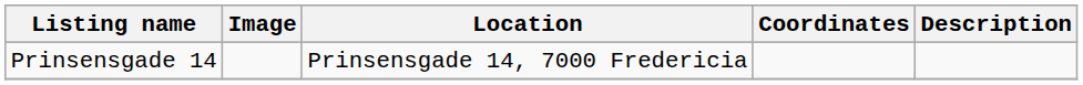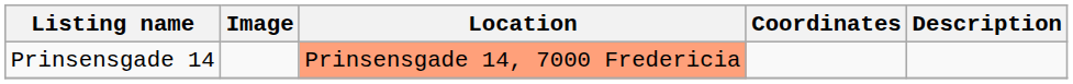 <table class="wikitable sortable">
 <tr>
 <th>Listing name</th>
 <th>Image</th>
 <th>Location</th>
 <th>Coordinates</th>
 <th>Description</th>
 </tr>
 <tr>
 <td>Prinsensgade 14</td>
 <td></td>
-<td>Prinsensgade 14, 7000 Fredericia</td>
+<td style="background: lightsalmon;">Prinsensgade 14, 7000 Fredericia</td>
 <td></td>
 <td></td>
 </tr>
 <tr>
 </tr>
 </table>
